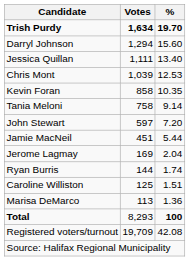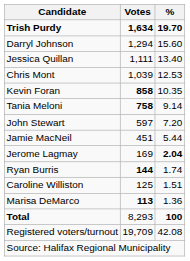 <table class=wikitable style=text-align:right>
 <tr>
 <th>Candidate</th>
 <th>Votes</th>
 <th>%</th>
 </tr>
 <tr>
 <td align=left><strong>Trish Purdy</strong></td>
 <td><strong>1,634</strong></td>
 <td><strong>19.70</strong></td>
 </tr>
 <tr>
 <td align=left>Darryl Johnson</td>
 <td>1,294</td>
 <td>15.60</td>
 </tr>
 <tr>
 <td align=left>Jessica Quillan</td>
 <td>1,111</td>
 <td>13.40</td>
 </tr>
 <tr>
 <td align=left>Chris Mont</td>
 <td>1,039</td>
 <td>12.53</td>
 </tr>
 <tr>
 <td align=left>Kevin Foran</td>
-<td>858</td>
+<td><strong>858</strong></td>
 <td>10.35</td>
 </tr>
 <tr>
 <td align=left>Tania Meloni</td>
-<td>758</td>
+<td><strong>758</strong></td>
 <td>9.14</td>
 </tr>
 <tr>
 <td align=left>John Stewart</td>
 <td>597</td>
 <td>7.20</td>
 </tr>
 <tr>
 <td align=left>Jamie MacNeil</td>
 <td>451</td>
 <td>5.44</td>
 </tr>
 <tr>
 <td align=left>Jerome Lagmay</td>
 <td>169</td>
-<td>2.04</td>
+<td><strong>2.04</strong></td>
 </tr>
 <tr>
 <td align=left>Ryan Burris</td>
-<td>144</td>
+<td><strong>144</strong></td>
 <td>1.74</td>
 </tr>
 <tr>
 <td align=left>Caroline Williston</td>
 <td>125</td>
 <td>1.51</td>
 </tr>
 <tr>
 <td align=left>Marisa DeMarco</td>
-<td>113</td>
+<td><strong>113</strong></td>
 <td>1.36</td>
 </tr>
 <tr>
 <td align=left><strong>Total</strong></td>
 <td>8,293</td>
 <td><strong>100</strong></td>
 </tr>
 <tr>
 <td align=left>Registered voters/turnout</td>
 <td>19,709</td>
 <td>42.08</td>
 </tr>
 <tr>
 <td align=left colspan=3>Source: Halifax Regional Municipality</td>
 </tr>
 </table>
